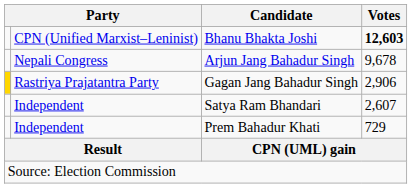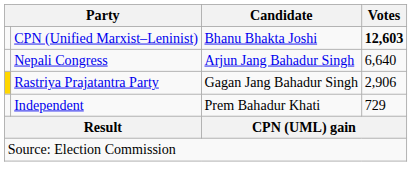 <table class="wikitable">
 <tr>
 <th colspan="2">Party</th>
 <th>Candidate</th>
 <th>Votes</th>
 </tr>
 <tr>
 <td style="color:inherit;background-color:"></td>
 <td><a href='#'>CPN (Unified Marxist–Leninist)</a></td>
 <td><a href='#'>Bhanu Bhakta Joshi</a></td>
 <td><strong>12,603</strong></td>
 </tr>
 <tr>
 <td style="color:inherit;background-color:"></td>
 <td><a href='#'>Nepali Congress</a></td>
 <td><a href='#'>Arjun Jang Bahadur Singh</a></td>
-<td>9,678</td>
+<td>6,640</td>
 </tr>
 <tr>
 <td style="color:inherit;background-color:gold"></td>
 <td><a href='#'>Rastriya Prajatantra Party</a></td>
 <td>Gagan Jang Bahadur Singh</td>
 <td>2,906</td>
-</tr>
-<tr>
-<td style="color:inherit;background-color:"></td>
-<td><a href='#'>Independent</a></td>
-<td>Satya Ram Bhandari</td>
-<td>2,607</td>
 </tr>
 <tr>
 <td style="color:inherit;background-color:"></td>
 <td><a href='#'>Independent</a></td>
 <td>Prem Bahadur Khati</td>
 <td>729</td>
 </tr>
 <tr>
 <th colspan="2">Result</th>
 <th colspan="2">CPN (UML) gain</th>
 </tr>
 <tr>
 <td colspan="4">Source: Election Commission</td>
 </tr>
 </table>
